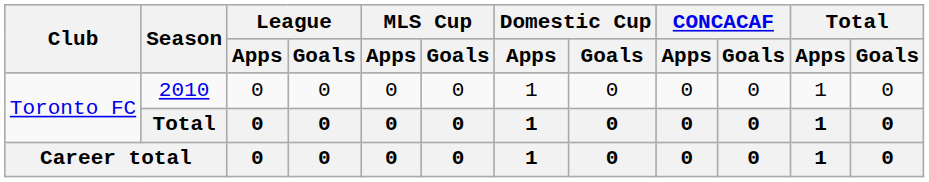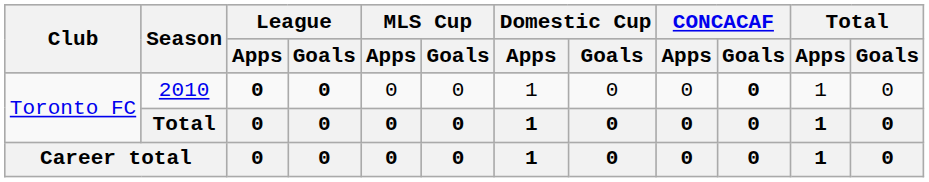 <table class="wikitable" style="text-align: center;">
 <tr>
 <th rowspan="2">Club</th>
 <th rowspan="2">Season</th>
 <th colspan="2">League</th>
 <th colspan="2">MLS Cup</th>
 <th colspan="2">Domestic Cup</th>
 <th colspan="2"><a href='#'>CONCACAF</a></th>
 <th colspan="2">Total</th>
 </tr>
 <tr>
 <th>Apps</th>
 <th>Goals</th>
 <th>Apps</th>
 <th>Goals</th>
 <th>Apps</th>
 <th>Goals</th>
 <th>Apps</th>
 <th>Goals</th>
 <th>Apps</th>
 <th>Goals</th>
 </tr>
 <tr>
 <td rowspan="2"><a href='#'>Toronto FC</a></td>
 <td><a href='#'>2010</a></td>
-<td>0</td>
-<td>0</td>
+<td><strong>0</strong></td>
+<td><strong>0</strong></td>
 <td>0</td>
 <td>0</td>
 <td>1</td>
 <td>0</td>
 <td>0</td>
-<td>0</td>
+<td><strong>0</strong></td>
 <td>1</td>
 <td>0</td>
 </tr>
 <tr>
 <th>Total</th>
 <th>0</th>
 <th>0</th>
 <th>0</th>
 <th>0</th>
 <th>1</th>
 <th>0</th>
 <th>0</th>
 <th>0</th>
 <th>1</th>
 <th>0</th>
 </tr>
 <tr>
 <th colspan="2">Career total</th>
 <th>0</th>
 <th>0</th>
 <th>0</th>
 <th>0</th>
 <th>1</th>
 <th>0</th>
 <th>0</th>
 <th>0</th>
 <th>1</th>
 <th>0</th>
 </tr>
 </table>
